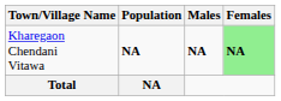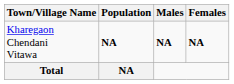 <table class="wikitable sortable collapsible collapsed">
 <tr>
 <th>Town/Village Name</th>
 <th>Population</th>
 <th>Males</th>
 <th>Females</th>
 </tr>
 <tr>
 <td><a href='#'>Kharegaon</a><br>Chendani<br>Vitawa</td>
 <td><strong>NA</strong></td>
 <td><strong>NA</strong></td>
-<td style="background: lightgreen;"><strong>NA</strong></td>
+<td><strong>NA</strong></td>
 </tr>
 <tr>
 <th>Total</th>
 <th>NA</th>
 </tr>
 </table>
